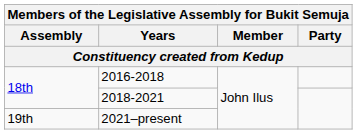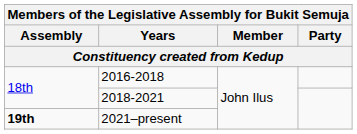 <table class=wikitable>
 <tr>
 <th colspan="4">Members of the Legislative Assembly for Bukit Semuja</th>
 </tr>
 <tr>
 <th>Assembly</th>
 <th>Years</th>
 <th>Member</th>
 <th>Party</th>
 </tr>
 <tr>
 <th colspan=4 align=center><em>Constituency created from Kedup</em></th>
 </tr>
 <tr>
 <td rowspan="2"><a href='#'>18th</a></td>
 <td>2016-2018</td>
 <td rowspan="3">John Ilus</td>
 <td></td>
 </tr>
 <tr>
 <td>2018-2021</td>
 <td rowspan=2></td>
 </tr>
 <tr>
-<td>19th</td>
+<td><strong>19th</strong></td>
 <td>2021–present</td>
 </tr>
 </table>
